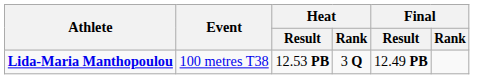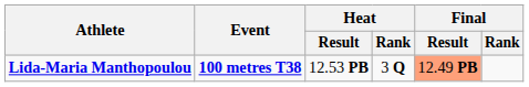 <table class="wikitable" style="font-size:90%">
 <tr>
 <th rowspan="2">Athlete</th>
 <th rowspan="2">Event</th>
 <th colspan="2">Heat</th>
 <th colspan="2">Final</th>
 </tr>
 <tr style="font-size:95%">
 <th>Result</th>
 <th>Rank</th>
 <th>Result</th>
 <th>Rank</th>
 </tr>
 <tr align=center>
 <td align=left><strong><a href='#'>Lida-Maria Manthopoulou</a></strong></td>
-<td align=left><a href='#'>100 metres T38</a></td>
+<td align=left><strong><a href='#'>100 metres T38</a></strong></td>
 <td>12.53 <strong>PB</strong></td>
 <td>3 <strong>Q</strong></td>
-<td>12.49 <strong>PB</strong></td>
+<td style="background: lightsalmon;">12.49 <strong>PB</strong></td>
 <td></td>
 </tr>
 </table>
